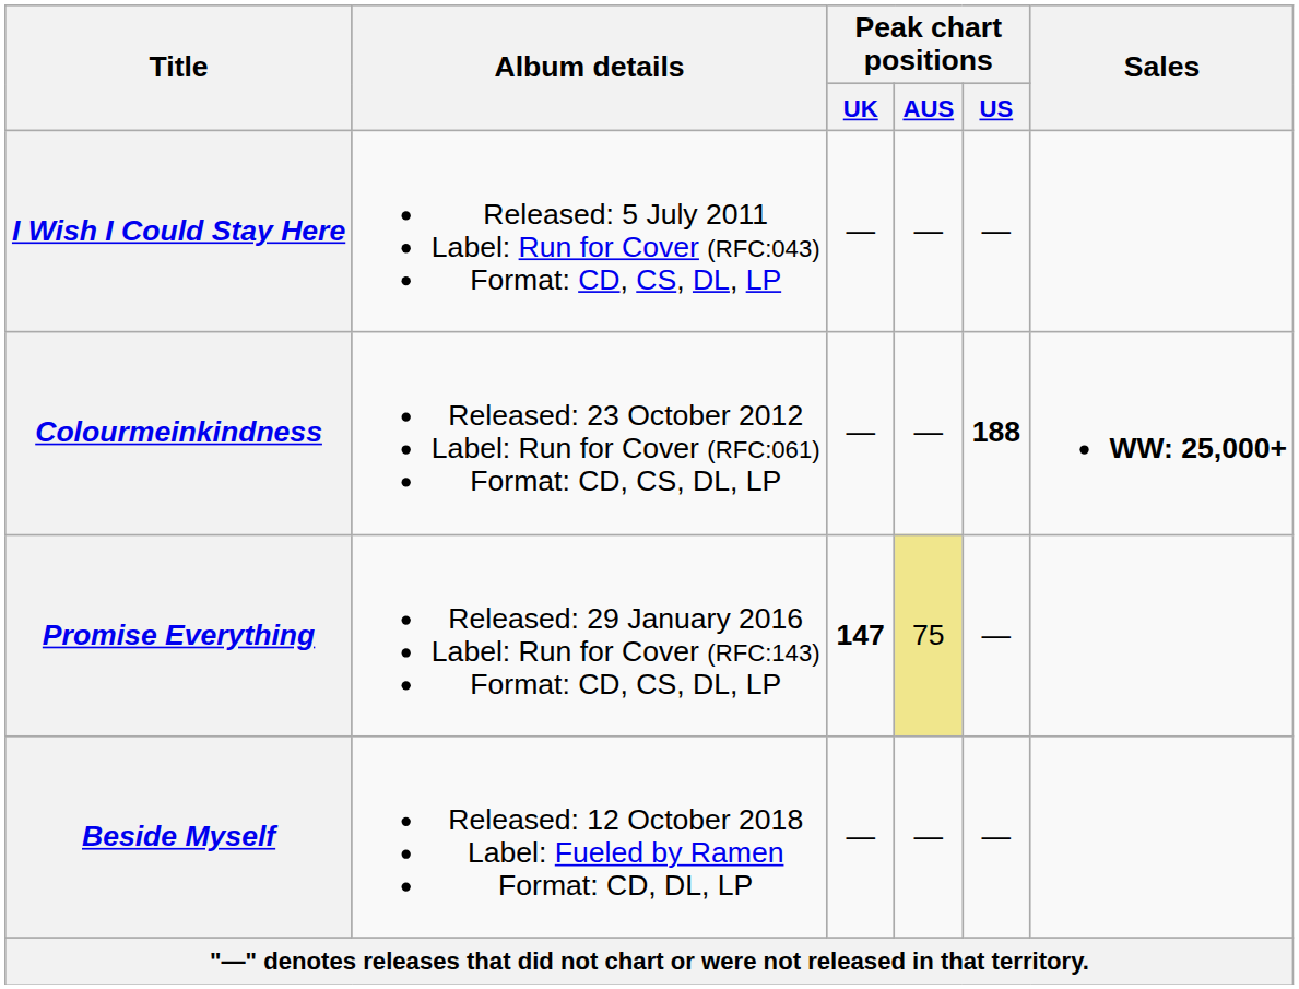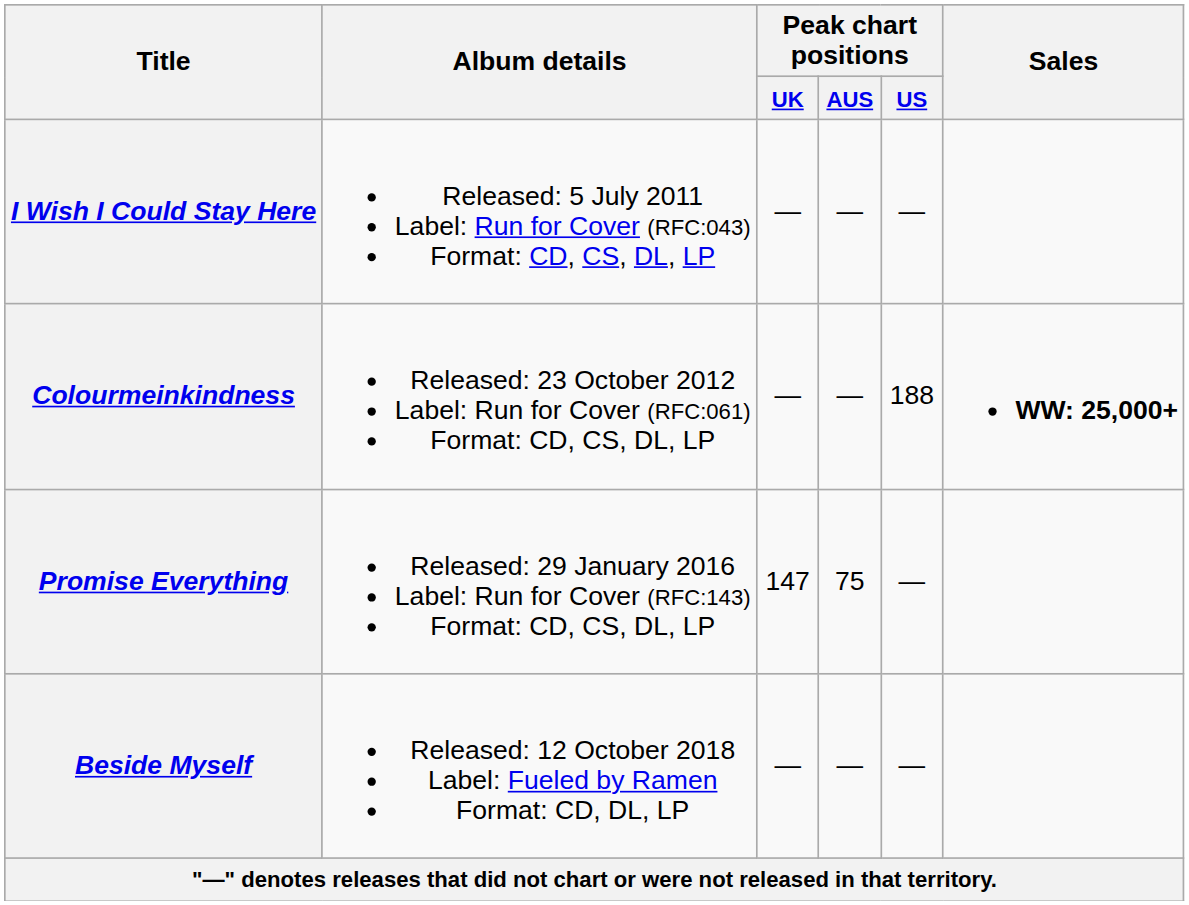 <table class="wikitable plainrowheaders" style="text-align:center;">
 <tr>
 <th scope="col" rowspan="2">Title</th>
 <th scope="col" rowspan="2">Album details</th>
 <th scope="col" colspan="3">Peak chart<br>positions</th>
 <th scope="col" rowspan="2">Sales</th>
 </tr>
 <tr>
 <th style="width:30px;"><small><a href='#'>UK</a><br></small></th>
 <th style="width:30px;"><small><a href='#'>AUS</a><br></small></th>
 <th style="width:30px;"><small><a href='#'>US</a><br></small></th>
 </tr>
 <tr>
 <th scope="row"><strong><em><a href='#'>I Wish I Could Stay Here</a></em></strong></th>
 <td><br><ul><li>Released: 5 July 2011</li><li>Label: <a href='#'>Run for Cover</a> <small>(RFC:043)</small></li><li>Format: <a href='#'>CD</a>, <a href='#'>CS</a>, <a href='#'>DL</a>, <a href='#'>LP</a></li></ul></td>
 <td>—</td>
 <td>—</td>
 <td>—</td>
 <td></td>
 </tr>
 <tr>
 <th scope="row"><strong><em><a href='#'>Colourmeinkindness</a></em></strong></th>
 <td><br><ul><li>Released: 23 October 2012</li><li>Label: Run for Cover <small>(RFC:061)</small></li><li>Format: CD, CS, DL, LP</li></ul></td>
 <td>—</td>
 <td>—</td>
-<td><strong>188</strong></td>
+<td>188</td>
 <td><strong><br><ul><li>WW: 25,000+</li></ul></strong></td>
 </tr>
 <tr>
 <th scope="row"><strong><em><a href='#'>Promise Everything</a></em></strong></th>
 <td><br><ul><li>Released: 29 January 2016</li><li>Label: Run for Cover <small>(RFC:143)</small></li><li>Format: CD, CS, DL, LP</li></ul></td>
-<td><strong>147</strong></td>
-<td style="background: khaki;">75</td>
+<td>147</td>
+<td>75</td>
 <td>—</td>
 <td></td>
 </tr>
 <tr>
 <th scope="row"><strong><em><a href='#'>Beside Myself</a></em></strong></th>
 <td><br><ul><li>Released: 12 October 2018</li><li>Label: <a href='#'>Fueled by Ramen</a></li><li>Format: CD, DL, LP</li></ul></td>
 <td>—</td>
 <td>—</td>
 <td>—</td>
 <td></td>
 </tr>
 <tr>
 <th colspan="7"><small>"—" denotes releases that did not chart or were not released in that territory.</small></th>
 </tr>
 </table>
